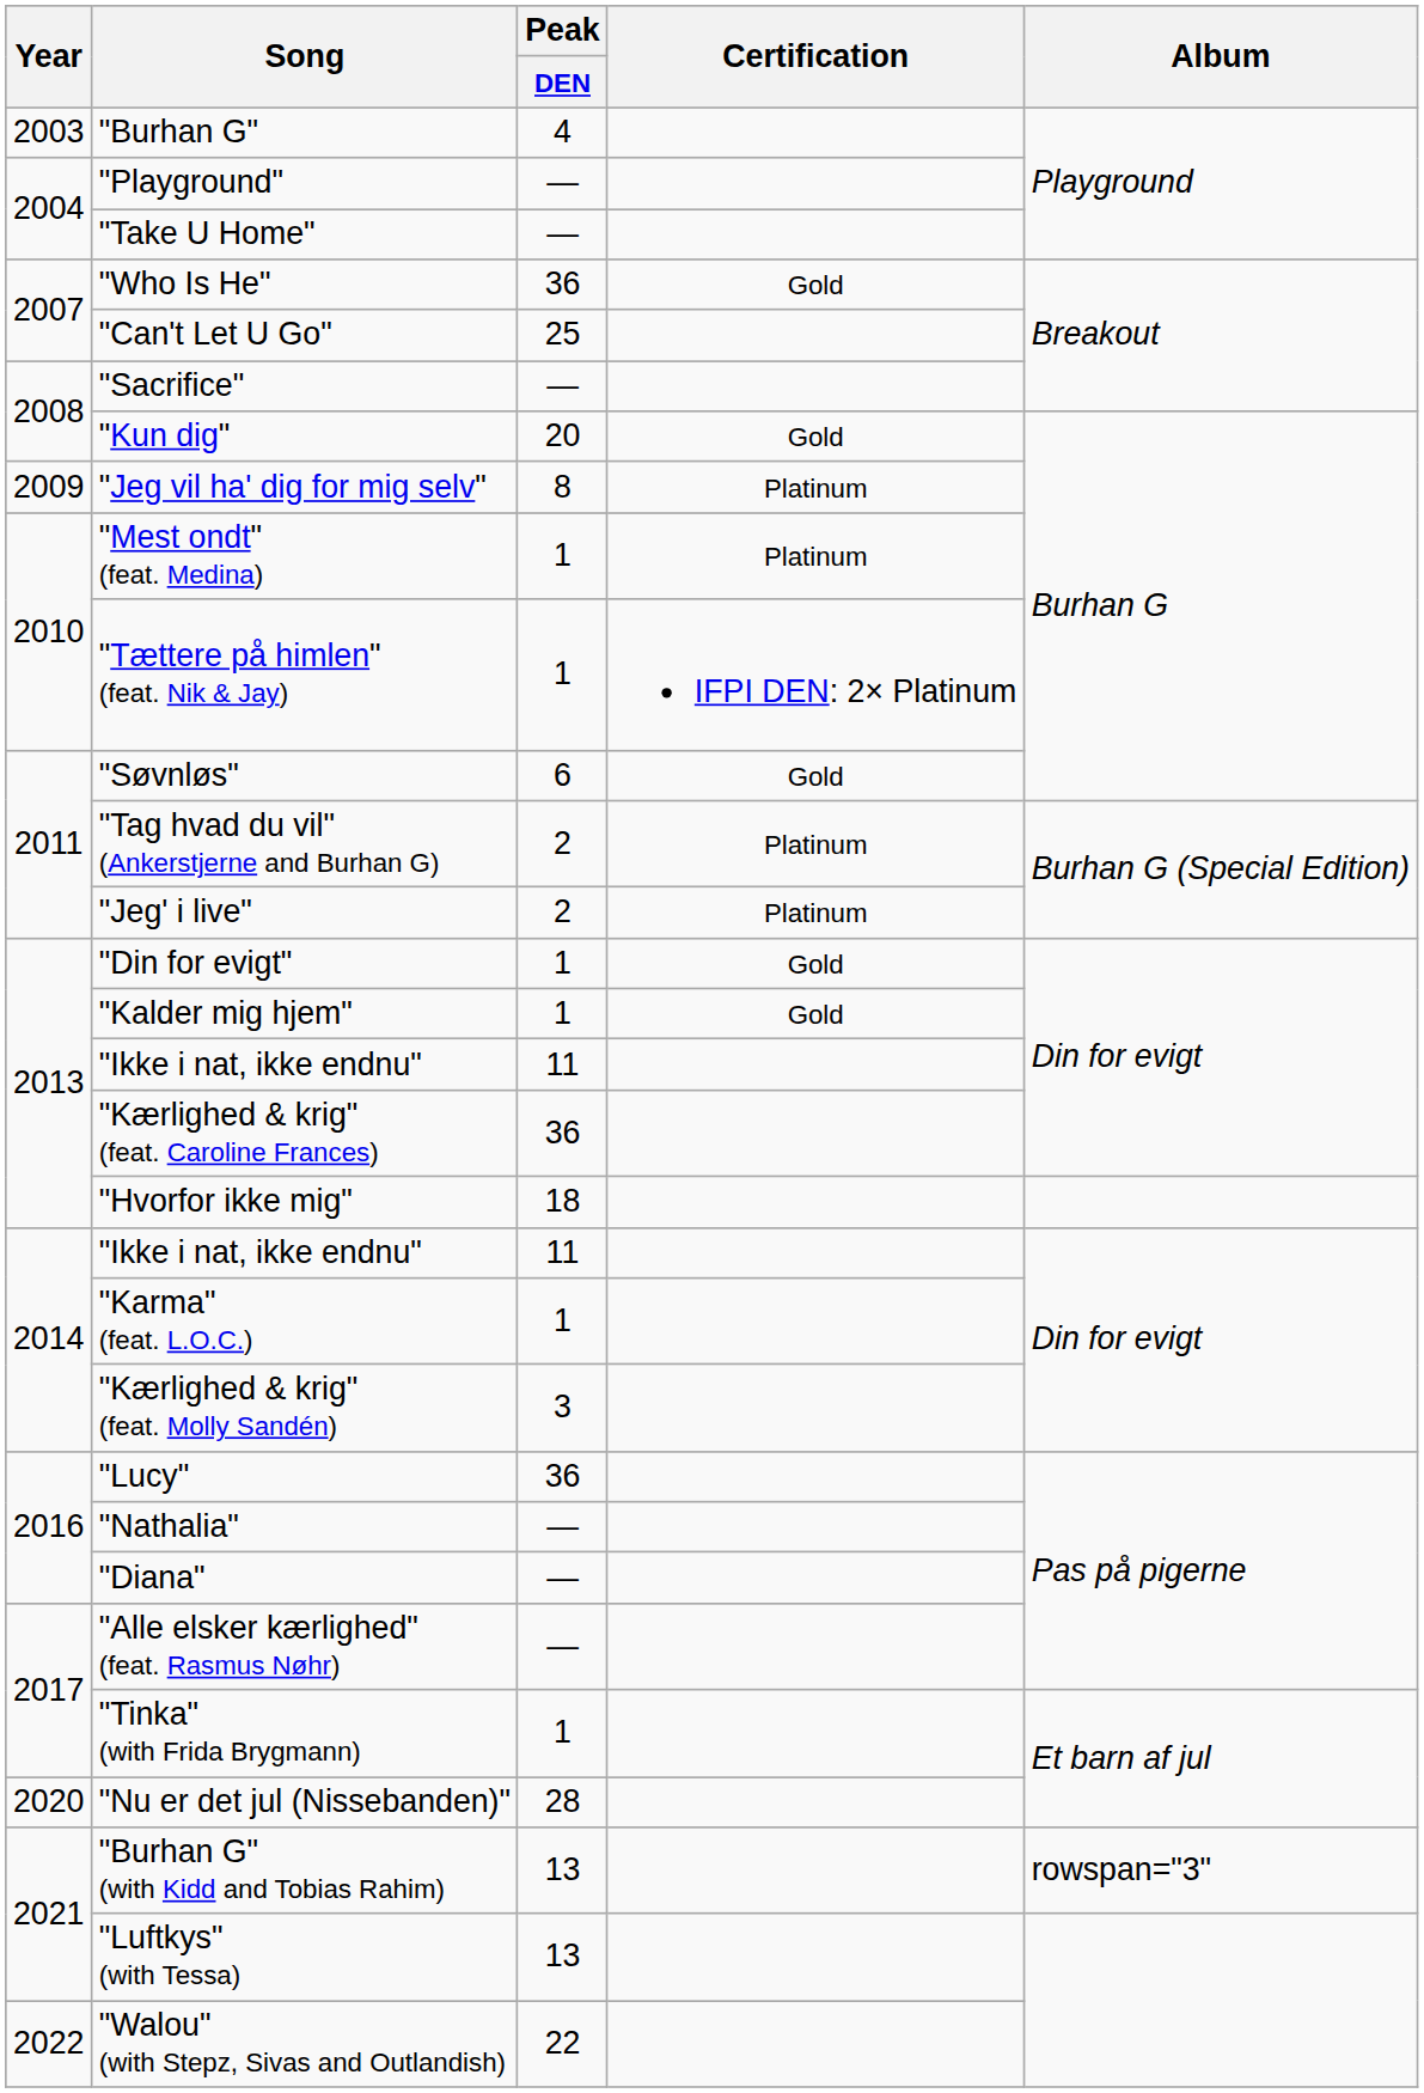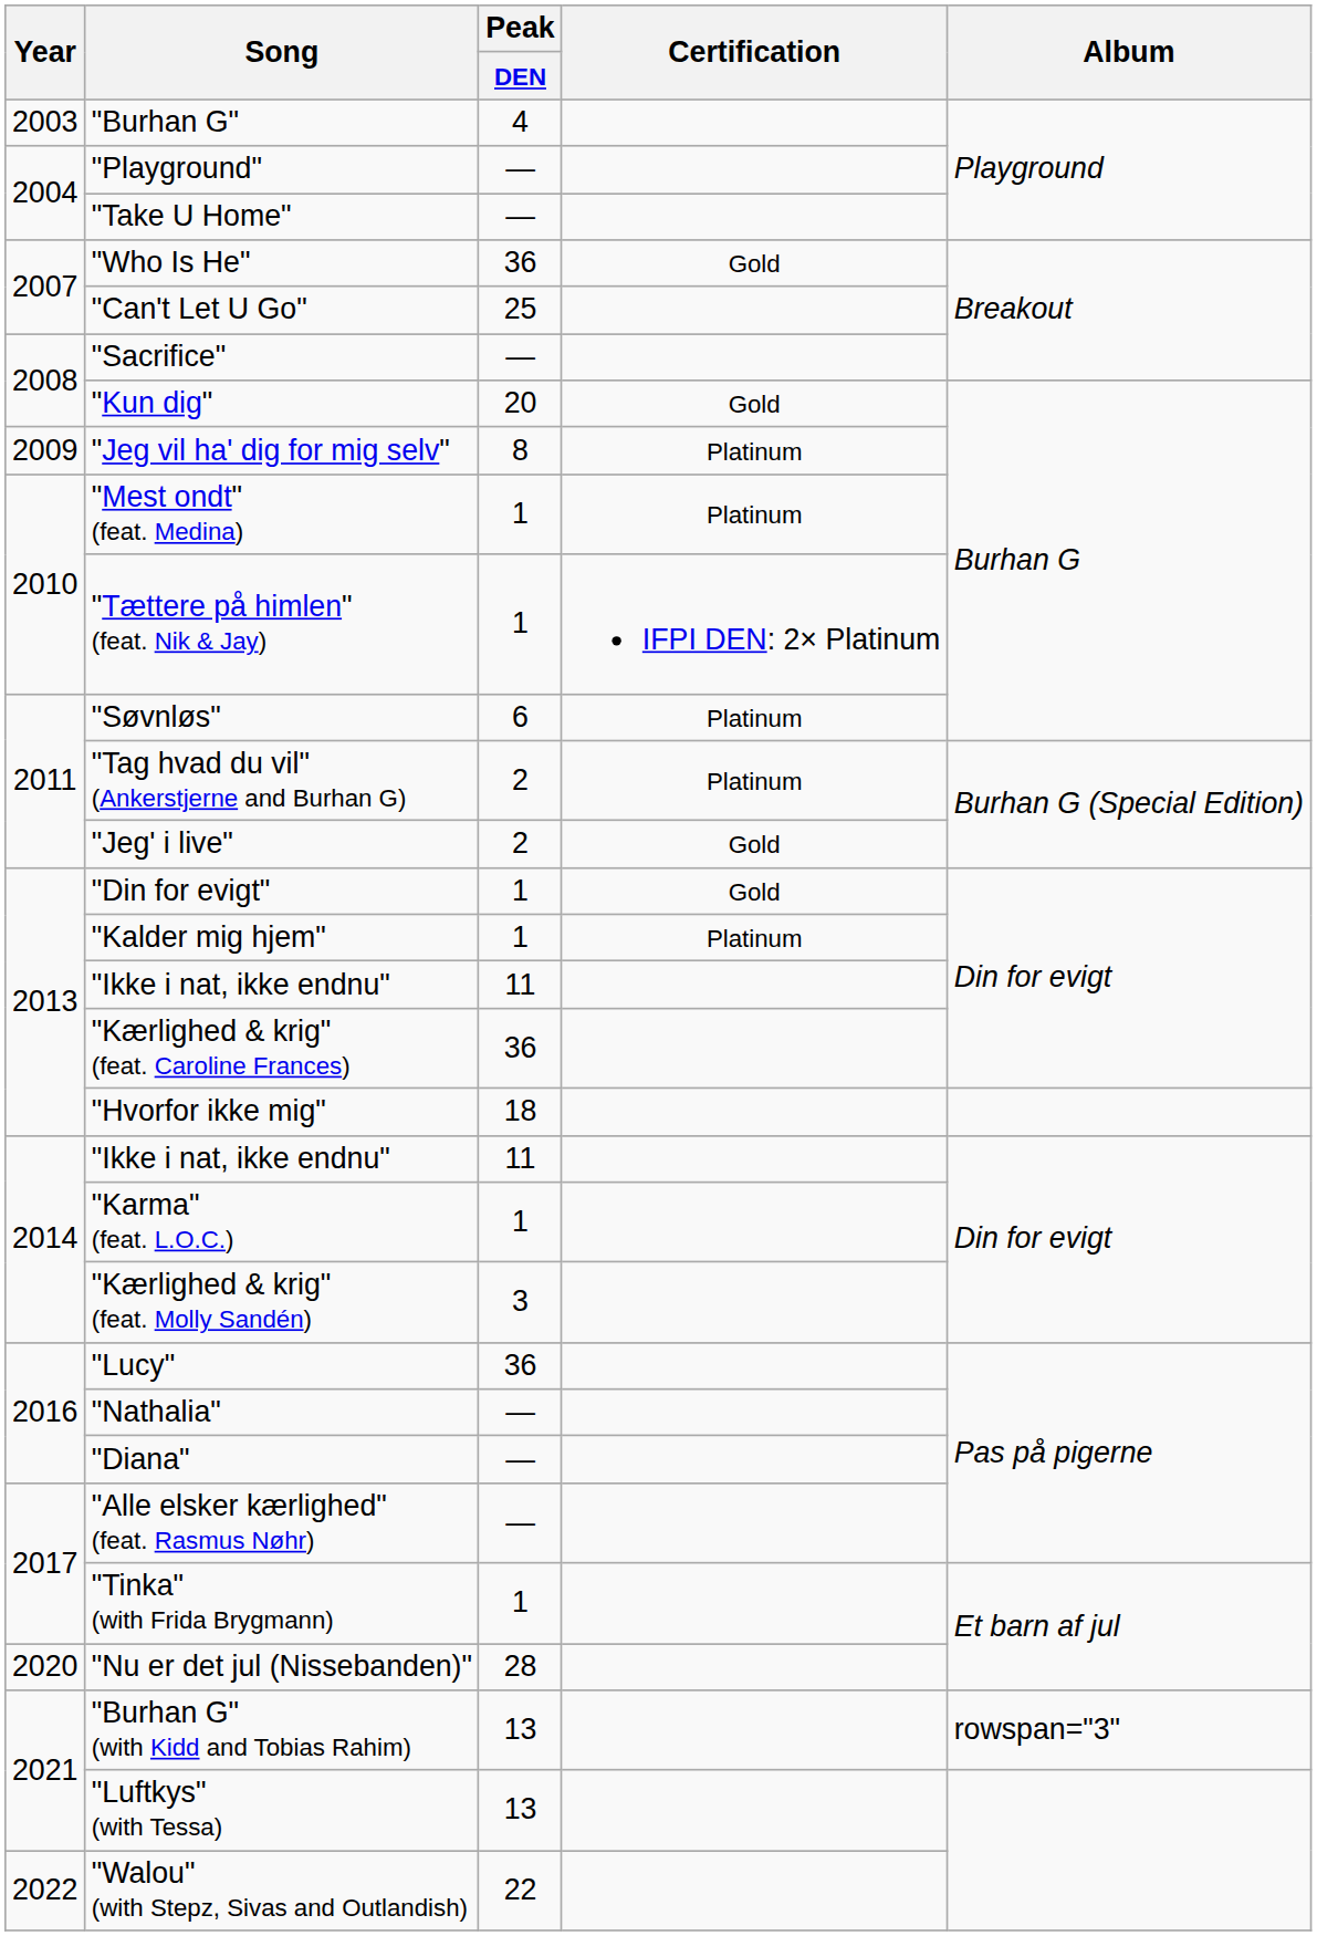 <table class="wikitable">
 <tr>
 <th width="33" rowspan="2" style="text-align:center;">Year</th>
 <th rowspan="2">Song</th>
 <th colspan="1">Peak</th>
 <th rowspan="2">Certification</th>
 <th rowspan="2">Album</th>
 </tr>
 <tr>
 <th align="center"><small><a href='#'>DEN</a><br></small></th>
 </tr>
 <tr>
 <td align="center">2003</td>
 <td>"Burhan G"</td>
 <td align="center">4</td>
 <td></td>
 <td rowspan="3"><em>Playground</em></td>
 </tr>
 <tr>
 <td rowspan="2" align="center">2004</td>
 <td>"Playground"</td>
 <td align="center">—</td>
 <td></td>
 </tr>
 <tr>
 <td>"Take U Home"</td>
 <td align="center">—</td>
 <td></td>
 </tr>
 <tr>
 <td rowspan="2" align="center">2007</td>
 <td>"Who Is He"</td>
 <td align="center">36</td>
 <td align="center"><small>Gold</small></td>
 <td rowspan="3"><em>Breakout</em></td>
 </tr>
 <tr>
 <td>"Can't Let U Go"</td>
 <td align="center">25</td>
 <td></td>
 </tr>
 <tr>
 <td rowspan="2" align="center">2008</td>
 <td>"Sacrifice"</td>
 <td align="center">—</td>
 <td></td>
 </tr>
 <tr>
 <td>"<a href='#'>Kun dig</a>"</td>
 <td align="center">20</td>
 <td align="center"><small>Gold</small></td>
 <td rowspan="5"><em>Burhan G</em></td>
 </tr>
 <tr>
 <td align="center">2009</td>
 <td>"<a href='#'>Jeg vil ha' dig for mig selv</a>"</td>
 <td align="center">8</td>
 <td align="center"><small>Platinum</small></td>
 </tr>
 <tr>
 <td rowspan="2" align="center">2010</td>
 <td>"<a href='#'>Mest ondt</a>"<br><small>(feat. <a href='#'>Medina</a>)</small></td>
 <td align="center">1</td>
 <td align="center"><small>Platinum</small></td>
 </tr>
 <tr>
 <td>"<a href='#'>Tættere på himlen</a>"<br><small>(feat. <a href='#'>Nik & Jay</a>)</small></td>
 <td align="center">1</td>
 <td><br><ul><li><a href='#'>IFPI DEN</a>: 2× Platinum</li></ul></td>
 </tr>
 <tr>
 <td rowspan="3" align="center">2011</td>
 <td>"Søvnløs"</td>
 <td align="center">6</td>
-<td align="center"><small>Gold</small></td>
+<td align="center"><small>Platinum</small></td>
 </tr>
 <tr>
 <td>"Tag hvad du vil"<br><small>(<a href='#'>Ankerstjerne</a> and Burhan G)</small></td>
 <td align="center">2</td>
 <td align="center"><small>Platinum</small></td>
 <td rowspan="2"><em>Burhan G (Special Edition)</em></td>
 </tr>
 <tr>
 <td>"Jeg' i live"</td>
 <td align="center">2</td>
-<td align="center"><small>Platinum</small></td>
+<td align="center"><small>Gold</small></td>
 </tr>
 <tr>
 <td align="center" rowspan="5">2013</td>
 <td>"Din for evigt"</td>
 <td align="center">1</td>
 <td align="center"><small>Gold</small></td>
 <td rowspan="4"><em>Din for evigt</em></td>
 </tr>
 <tr>
 <td>"Kalder mig hjem"</td>
 <td align="center">1</td>
-<td align="center"><small>Gold</small></td>
+<td align="center"><small>Platinum</small></td>
 </tr>
 <tr>
 <td>"Ikke i nat, ikke endnu"</td>
 <td align="center">11</td>
 <td align="center"></td>
 </tr>
 <tr>
 <td>"Kærlighed & krig"<br><small>(feat. <a href='#'>Caroline Frances</a>)</small></td>
 <td align="center">36</td>
 <td align="center"></td>
 </tr>
 <tr>
 <td>"Hvorfor ikke mig"</td>
 <td align="center">18</td>
 <td align="center"></td>
 <td></td>
 </tr>
 <tr>
 <td align="center" rowspan="3">2014</td>
 <td>"Ikke i nat, ikke endnu"</td>
 <td align="center">11</td>
 <td></td>
 <td rowspan="3"><em>Din for evigt</em></td>
 </tr>
 <tr>
 <td>"Karma" <br><small>(feat. <a href='#'>L.O.C.</a>)</small></td>
 <td align="center">1</td>
 <td></td>
 </tr>
 <tr>
 <td>"Kærlighed & krig" <br><small>(feat. <a href='#'>Molly Sandén</a>)</small></td>
 <td align="center">3</td>
 <td></td>
 </tr>
 <tr>
 <td align="center" rowspan="3">2016</td>
 <td>"Lucy"</td>
 <td align="center">36<br></td>
 <td></td>
 <td rowspan="4"><em>Pas på pigerne</em></td>
 </tr>
 <tr>
 <td>"Nathalia"</td>
 <td align="center">—</td>
 <td></td>
 </tr>
 <tr>
 <td>"Diana"</td>
 <td align="center">—</td>
 <td></td>
 </tr>
 <tr>
 <td align="center" rowspan="2">2017</td>
 <td>"Alle elsker kærlighed"<br><small>(feat. <a href='#'>Rasmus Nøhr</a>)</small></td>
 <td align="center">—</td>
 <td></td>
 </tr>
 <tr>
 <td>"Tinka"<br><small>(with Frida Brygmann)</small></td>
 <td align="center">1<br></td>
 <td></td>
 <td rowspan="2"><em>Et barn af jul</em></td>
 </tr>
 <tr>
 <td align="center">2020</td>
 <td>"Nu er det jul (Nissebanden)"</td>
 <td align="center">28<br></td>
 <td></td>
 </tr>
 <tr>
 <td align="center" rowspan="2">2021</td>
 <td>"Burhan G"<br><small>(with <a href='#'>Kidd</a> and Tobias Rahim)</small></td>
 <td align="center">13<br></td>
 <td></td>
 <td>rowspan="3" </td>
 </tr>
 <tr>
 <td>"Luftkys"<br><small>(with Tessa)</small></td>
 <td align="center">13<br></td>
 <td></td>
 </tr>
 <tr>
 <td align="center">2022</td>
 <td>"Walou"<br><small>(with Stepz, Sivas and Outlandish)</small></td>
 <td align="center">22<br></td>
 <td></td>
 </tr>
 </table>
